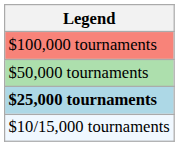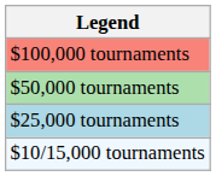 <table class="wikitable" style="font-size:85%">
 <tr>
 <th>Legend</th>
 </tr>
 <tr style="background:#f88379;">
 <td>$100,000 tournaments</td>
 </tr>
 <tr style="background:#addfad;">
 <td>$50,000 tournaments</td>
 </tr>
 <tr style="background:lightblue;">
-<td><strong>$25,000 tournaments</strong></td>
+<td>$25,000 tournaments</td>
 </tr>
 <tr style="background:#f0f8ff;">
 <td>$10/15,000 tournaments</td>
 </tr>
 </table>
